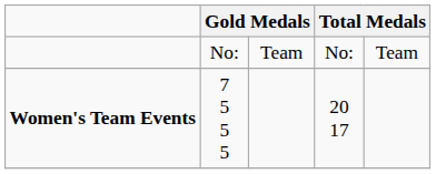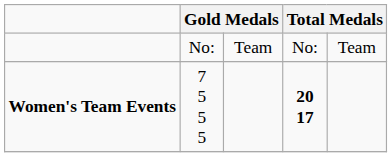 <table class="wikitable" style="text-align: center; font-size:95%;">
 <tr>
 <td></td>
 <th colspan=2>Gold Medals</th>
 <th colspan=2>Total Medals</th>
 </tr>
 <tr>
 <td></td>
 <td>No:</td>
 <td>Team</td>
 <td>No:</td>
 <td>Team</td>
 </tr>
 <tr>
 </tr>
 <tr>
 <td><strong>Women's Team Events</strong></td>
 <td>7 <br> 5 <br> 5 <br> 5</td>
 <td align="left"> <br>  <br>  <br> </td>
-<td>20 <br> 17</td>
+<td><strong>20 <br> 17</strong></td>
 <td align="left"> <br> </td>
 </tr>
 <tr>
 </tr>
 </table>
